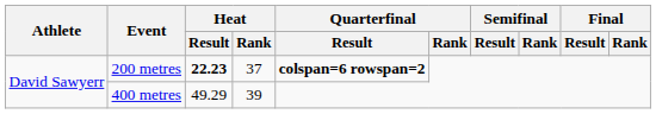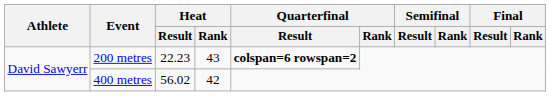 <table class=wikitable style=font-size:90%>
 <tr>
 <th rowspan=2>Athlete</th>
 <th rowspan=2>Event</th>
 <th colspan=2>Heat</th>
 <th colspan=2>Quarterfinal</th>
 <th colspan=2>Semifinal</th>
 <th colspan=2>Final</th>
 </tr>
 <tr style=font-size:95%>
 <th>Result</th>
 <th>Rank</th>
 <th>Result</th>
 <th>Rank</th>
 <th>Result</th>
 <th>Rank</th>
 <th>Result</th>
 <th>Rank</th>
 </tr>
 <tr align=center>
 <td align=left rowspan=2><a href='#'>David Sawyerr</a></td>
 <td align=left><a href='#'>200 metres</a></td>
-<td><strong>22.23</strong></td>
-<td>37</td>
+<td>22.23</td>
+<td>43</td>
 <td><strong>colspan=6 rowspan=2 </strong></td>
 </tr>
 <tr align=center>
 <td align=left><a href='#'>400 metres</a></td>
-<td>49.29</td>
-<td>39</td>
+<td>56.02</td>
+<td>42</td>
 </tr>
 </table>
